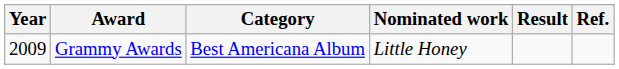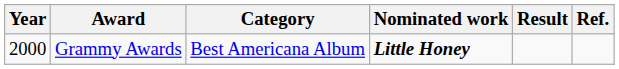 <table class="wikitable">
 <tr>
 <th scope="col">Year</th>
 <th scope="col">Award</th>
 <th scope="col">Category</th>
 <th scope="col">Nominated work</th>
 <th scope="col">Result</th>
 <th scope="col">Ref.</th>
 </tr>
 <tr>
-<td>2009</td>
+<td>2000</td>
 <td><a href='#'>Grammy Awards</a></td>
 <td><a href='#'>Best Americana Album</a></td>
-<td><em>Little Honey</em></td>
+<td><strong><em>Little Honey</em></strong></td>
 <td></td>
 <td align="center"></td>
 </tr>
 </table>
